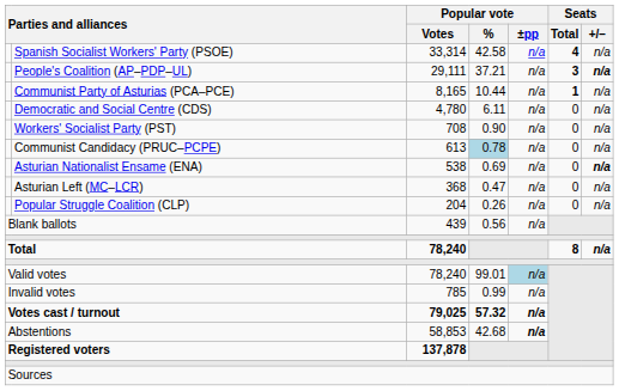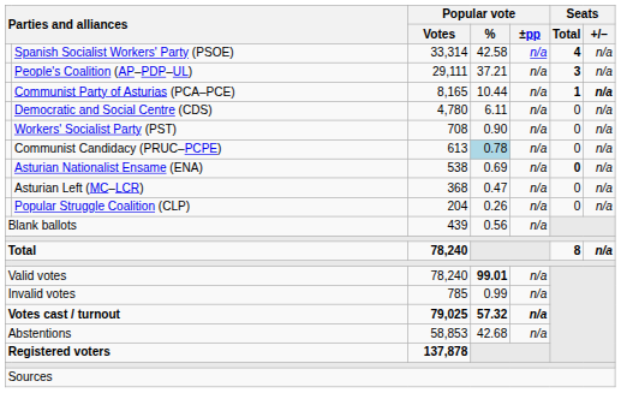 <table class="wikitable" style="text-align:right;">
 <tr>
 <th style="text-align:left;" rowspan="2" colspan="2" width="525">Parties and alliances</th>
 <th colspan="3">Popular vote</th>
 <th colspan="2">Seats</th>
 </tr>
 <tr>
 <th width="75">Votes</th>
 <th width="45">%</th>
 <th width="45">±<a href='#'>pp</a></th>
 <th width="35">Total</th>
 <th width="35">+/−</th>
 </tr>
 <tr>
 <td width="1" style="color:inherit;background:"></td>
 <td align="left"><a href='#'>Spanish Socialist Workers' Party</a> (PSOE)</td>
 <td>33,314</td>
 <td>42.58</td>
 <td><em><a href='#'>n/a</a></em></td>
 <td><strong>4</strong></td>
 <td><em>n/a</em></td>
 </tr>
 <tr>
 <td style="color:inherit;background:"></td>
 <td align="left"><a href='#'>People's Coalition</a> (<a href='#'>AP</a>–<a href='#'>PDP</a>–<a href='#'>UL</a>)</td>
 <td>29,111</td>
 <td>37.21</td>
 <td><em>n/a</em></td>
 <td><strong>3</strong></td>
-<td><strong><em>n/a</em></strong></td>
+<td><em>n/a</em></td>
 </tr>
 <tr>
 <td style="color:inherit;background:"></td>
 <td align="left"><a href='#'>Communist Party of Asturias</a> (PCA–PCE)</td>
 <td>8,165</td>
 <td>10.44</td>
 <td><em>n/a</em></td>
 <td><strong>1</strong></td>
-<td><em>n/a</em></td>
+<td><strong><em>n/a</em></strong></td>
 </tr>
 <tr>
 <td style="color:inherit;background:"></td>
 <td align="left"><a href='#'>Democratic and Social Centre</a> (CDS)</td>
 <td>4,780</td>
 <td>6.11</td>
 <td><em>n/a</em></td>
 <td>0</td>
 <td><em>n/a</em></td>
 </tr>
 <tr>
 <td style="color:inherit;background:"></td>
 <td align="left"><a href='#'>Workers' Socialist Party</a> (PST)</td>
 <td>708</td>
 <td>0.90</td>
 <td><em>n/a</em></td>
 <td>0</td>
 <td><em>n/a</em></td>
 </tr>
 <tr>
 <td style="color:inherit;background:"></td>
 <td align="left">Communist Candidacy (PRUC–<a href='#'>PCPE</a>)</td>
 <td>613</td>
 <td style="background: lightblue;">0.78</td>
 <td><em>n/a</em></td>
 <td>0</td>
 <td><em>n/a</em></td>
 </tr>
 <tr>
 <td style="color:inherit;background:"></td>
 <td align="left"><a href='#'>Asturian Nationalist Ensame</a> (ENA)</td>
 <td>538</td>
 <td>0.69</td>
 <td><em>n/a</em></td>
-<td>0</td>
-<td><strong><em>n/a</em></strong></td>
+<td><strong>0</strong></td>
+<td><em>n/a</em></td>
 </tr>
 <tr>
 <td style="color:inherit;background:"></td>
 <td align="left">Asturian Left (<a href='#'>MC</a>–<a href='#'>LCR</a>)</td>
 <td>368</td>
 <td>0.47</td>
 <td><em>n/a</em></td>
 <td>0</td>
 <td><em>n/a</em></td>
 </tr>
 <tr>
 <td style="color:inherit;background:"></td>
 <td align="left"><a href='#'>Popular Struggle Coalition</a> (CLP)</td>
 <td>204</td>
 <td>0.26</td>
 <td><em>n/a</em></td>
 <td>0</td>
 <td><em>n/a</em></td>
 </tr>
 <tr>
 <td align="left" colspan="2">Blank ballots</td>
 <td>439</td>
 <td>0.56</td>
 <td><em>n/a</em></td>
 <td bgcolor="#E9E9E9" colspan="2"></td>
 </tr>
 <tr>
 <td colspan="7" bgcolor="#E9E9E9"></td>
 </tr>
 <tr style="font-weight:bold;">
 <td align="left" colspan="2">Total</td>
 <td>78,240</td>
 <td bgcolor="#E9E9E9" colspan="2"></td>
 <td>8</td>
 <td><em>n/a</em></td>
 </tr>
 <tr>
 <td colspan="7" bgcolor="#E9E9E9"></td>
 </tr>
 <tr>
 <td align="left" colspan="2">Valid votes</td>
 <td>78,240</td>
-<td>99.01</td>
-<td style="background: lightblue;"><em>n/a</em></td>
+<td><strong>99.01</strong></td>
+<td><em>n/a</em></td>
 <td bgcolor="#E9E9E9" colspan="2" rowspan="5"></td>
 </tr>
 <tr>
 <td align="left" colspan="2">Invalid votes</td>
 <td>785</td>
 <td>0.99</td>
 <td><em>n/a</em></td>
 </tr>
 <tr style="font-weight:bold;">
 <td align="left" colspan="2">Votes cast / turnout</td>
 <td>79,025</td>
 <td>57.32</td>
 <td><em>n/a</em></td>
 </tr>
 <tr>
 <td align="left" colspan="2">Abstentions</td>
 <td>58,853</td>
 <td>42.68</td>
-<td><strong><em>n/a</em></strong></td>
+<td><em>n/a</em></td>
 </tr>
 <tr style="font-weight:bold;">
 <td align="left" colspan="2">Registered voters</td>
 <td>137,878</td>
 <td bgcolor="#E9E9E9" colspan="2"></td>
 </tr>
 <tr>
 <td colspan="7" bgcolor="#E9E9E9"></td>
 </tr>
 <tr>
 <td align="left" colspan="7">Sources</td>
 </tr>
 </table>
